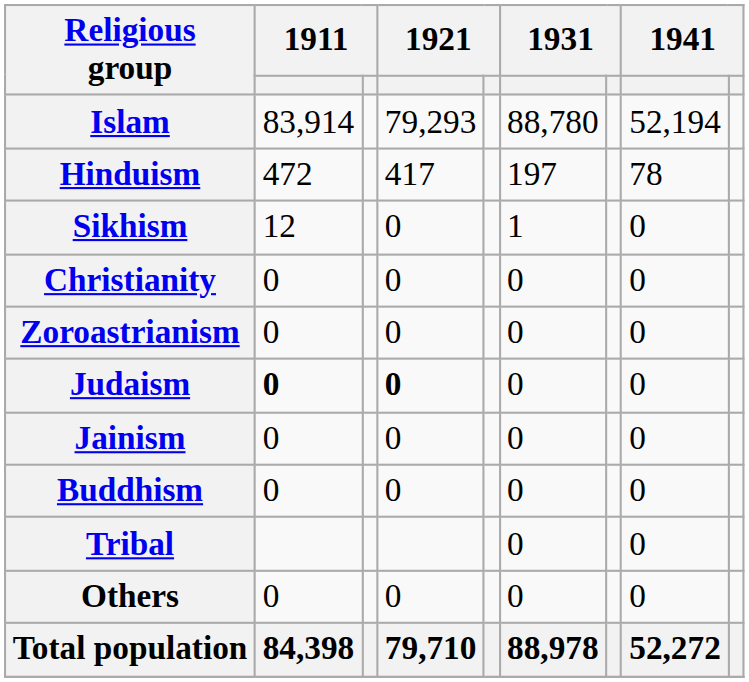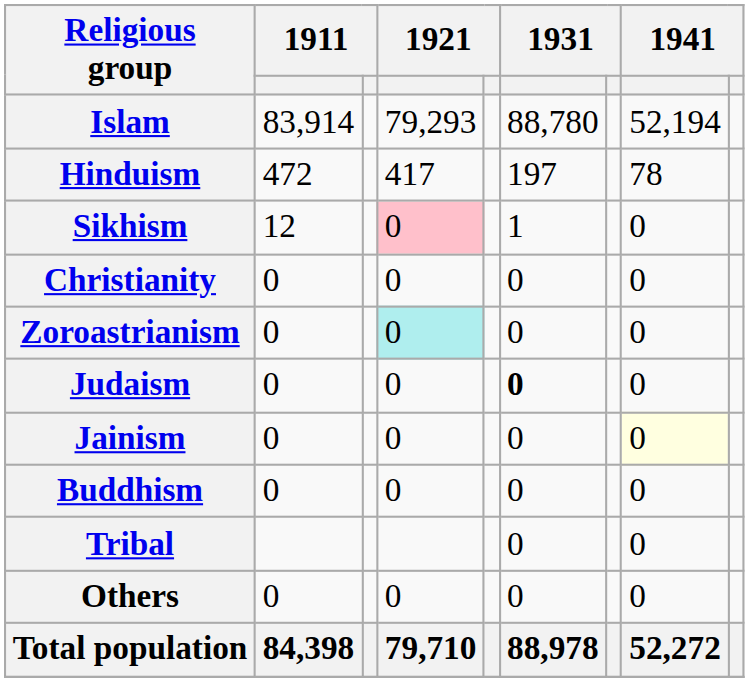 <table class="wikitable sortable">
 <tr>
 <th rowspan="2"><a href='#'>Religious</a><br>group</th>
 <th colspan="2">1911</th>
 <th colspan="2">1921</th>
 <th colspan="2">1931</th>
 <th colspan="2">1941</th>
 </tr>
 <tr>
 <th><a href='#'></a></th>
 <th></th>
 <th></th>
 <th></th>
 <th></th>
 <th></th>
 <th></th>
 <th></th>
 </tr>
 <tr>
 <th><a href='#'>Islam</a> </th>
 <td>83,914</td>
 <td></td>
 <td>79,293</td>
 <td></td>
 <td>88,780</td>
 <td></td>
 <td>52,194</td>
 <td></td>
 </tr>
 <tr>
 <th><a href='#'>Hinduism</a> </th>
 <td>472</td>
 <td></td>
 <td>417</td>
 <td></td>
 <td>197</td>
 <td></td>
 <td>78</td>
 <td></td>
 </tr>
 <tr>
 <th><a href='#'>Sikhism</a> </th>
 <td>12</td>
 <td></td>
-<td>0</td>
+<td style="background: pink;">0</td>
 <td></td>
 <td>1</td>
 <td></td>
 <td>0</td>
 <td></td>
 </tr>
 <tr>
 <th><a href='#'>Christianity</a> </th>
 <td>0</td>
 <td></td>
 <td>0</td>
 <td></td>
 <td>0</td>
 <td></td>
 <td>0</td>
 <td></td>
 </tr>
 <tr>
 <th><a href='#'>Zoroastrianism</a> </th>
 <td>0</td>
 <td></td>
-<td>0</td>
+<td style="background: paleturquoise;">0</td>
 <td></td>
 <td>0</td>
 <td></td>
 <td>0</td>
 <td></td>
 </tr>
 <tr>
 <th><a href='#'>Judaism</a> </th>
-<td><strong>0</strong></td>
+<td>0</td>
+<td></td>
+<td>0</td>
 <td></td>
 <td><strong>0</strong></td>
-<td></td>
-<td>0</td>
 <td></td>
 <td>0</td>
 <td></td>
 </tr>
 <tr>
 <th><a href='#'>Jainism</a> </th>
 <td>0</td>
 <td></td>
 <td>0</td>
 <td></td>
 <td>0</td>
 <td></td>
-<td>0</td>
+<td style="background: lightyellow;">0</td>
 <td></td>
 </tr>
 <tr>
 <th><a href='#'>Buddhism</a> </th>
 <td>0</td>
 <td></td>
 <td>0</td>
 <td></td>
 <td>0</td>
 <td></td>
 <td>0</td>
 <td></td>
 </tr>
 <tr>
 <th><a href='#'>Tribal</a></th>
 <td></td>
 <td></td>
 <td></td>
 <td></td>
 <td>0</td>
 <td></td>
 <td>0</td>
 <td></td>
 </tr>
 <tr>
 <th>Others</th>
 <td>0</td>
 <td></td>
 <td>0</td>
 <td></td>
 <td>0</td>
 <td></td>
 <td>0</td>
 <td></td>
 </tr>
 <tr>
 <th>Total population</th>
 <th>84,398</th>
 <th></th>
 <th>79,710</th>
 <th></th>
 <th>88,978</th>
 <th></th>
 <th>52,272</th>
 <th></th>
 </tr>
 <tr class="sortbottom">
 </tr>
 </table>
